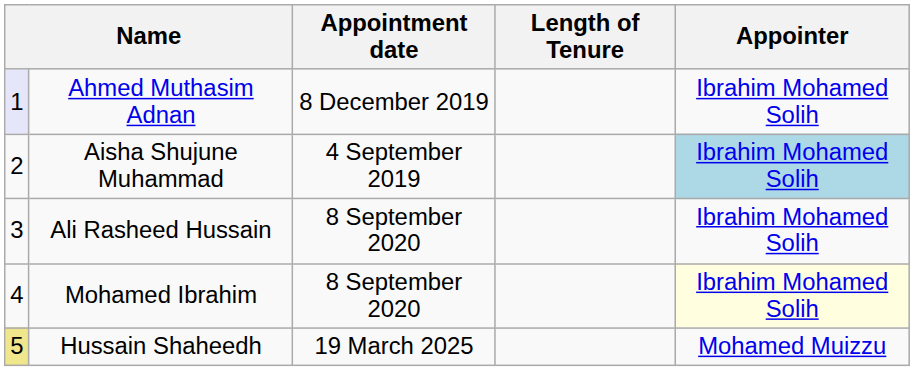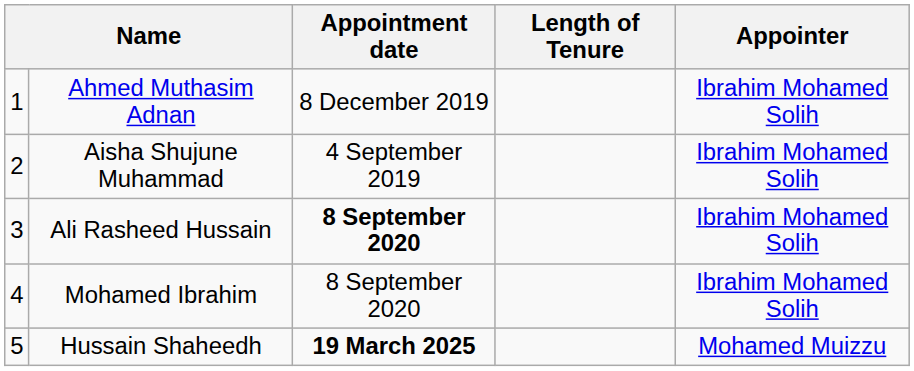 <table class="wikitable sortable" style="text-align: center;">
 <tr>
 <th colspan="2">Name</th>
 <th>Appointment date</th>
 <th>Length of Tenure</th>
 <th>Appointer</th>
 </tr>
 <tr>
-<td style="background: lavender;">1</td>
+<td>1</td>
 <td><a href='#'>Ahmed Muthasim Adnan</a></td>
 <td>8 December 2019</td>
 <td></td>
 <td><a href='#'>Ibrahim Mohamed Solih</a></td>
 </tr>
 <tr>
 <td>2</td>
 <td>Aisha Shujune Muhammad</td>
 <td>4 September 2019</td>
 <td></td>
-<td style="background: lightblue;"><a href='#'>Ibrahim Mohamed Solih</a></td>
+<td><a href='#'>Ibrahim Mohamed Solih</a></td>
 </tr>
 <tr>
 <td>3</td>
 <td>Ali Rasheed Hussain</td>
-<td>8 September 2020</td>
+<td><strong>8 September 2020</strong></td>
 <td></td>
 <td><a href='#'>Ibrahim Mohamed Solih</a></td>
 </tr>
 <tr>
 <td>4</td>
 <td>Mohamed Ibrahim</td>
 <td>8 September 2020</td>
 <td></td>
-<td style="background: lightyellow;"><a href='#'>Ibrahim Mohamed Solih</a></td>
+<td><a href='#'>Ibrahim Mohamed Solih</a></td>
 </tr>
 <tr>
-<td style="background: khaki;">5</td>
+<td>5</td>
 <td>Hussain Shaheedh</td>
-<td>19 March 2025</td>
+<td><strong>19 March 2025</strong></td>
 <td></td>
 <td><a href='#'>Mohamed Muizzu</a></td>
 </tr>
 </table>
